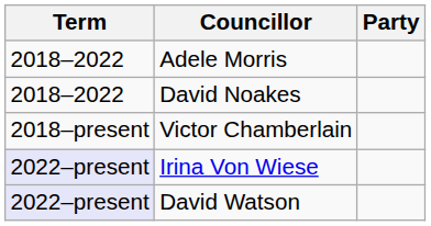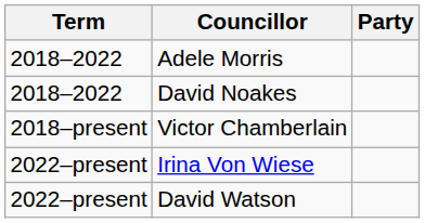 <table class="wikitable">
 <tr>
 <th>Term</th>
 <th>Councillor</th>
 <th colspan=2>Party</th>
 </tr>
 <tr>
 <td>2018–2022</td>
 <td>Adele Morris</td>
 <td></td>
 </tr>
 <tr>
 <td>2018–2022</td>
 <td>David Noakes</td>
 <td></td>
 </tr>
 <tr>
 <td>2018–present</td>
 <td>Victor Chamberlain</td>
 <td></td>
 </tr>
 <tr>
-<td style="background: lavender;">2022–present</td>
+<td>2022–present</td>
 <td><a href='#'>Irina Von Wiese</a></td>
 <td></td>
 </tr>
 <tr>
-<td style="background: lavender;">2022–present</td>
+<td>2022–present</td>
 <td>David Watson</td>
 <td></td>
 </tr>
 </table>
